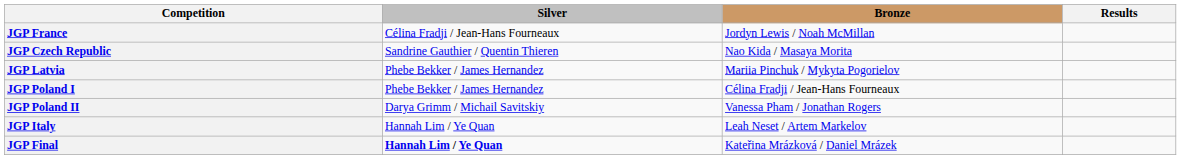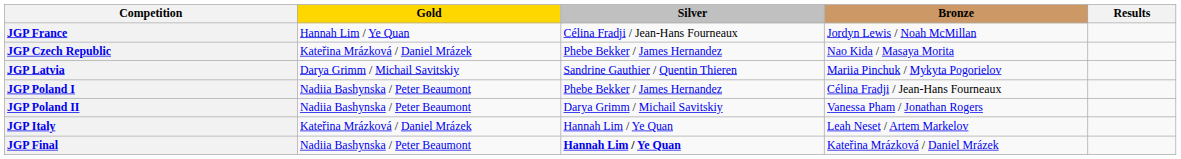 <table class="wikitable unsortable" style="text-align:left; width:100%">
 <tr>
 <th scope="col" style="text-align:center; width:25%;">Competition</th>
+<td scope="col" style="text-align:center; width:22.5%; background:gold"><strong>Gold</strong></td>
 <td scope="col" style="text-align:center; width:22.5%; background:silver"><strong>Silver</strong></td>
 <td scope="col" style="text-align:center; width:22.5%; background:#c96"><strong>Bronze</strong></td>
 <th scope="col" style="text-align:center; width:7.5%;">Results</th>
 </tr>
 <tr>
 <th scope="row" style="text-align:left"> <a href='#'>JGP France</a></th>
+<td> <a href='#'>Hannah Lim</a> / <a href='#'>Ye Quan</a></td>
 <td> <a href='#'>Célina Fradji</a> / Jean-Hans Fourneaux</td>
 <td> <a href='#'>Jordyn Lewis</a> / <a href='#'>Noah McMillan</a></td>
 <td></td>
 </tr>
 <tr>
 <th scope="row" style="text-align:left"> <a href='#'>JGP Czech Republic</a></th>
-<td> <a href='#'>Sandrine Gauthier</a> / <a href='#'>Quentin Thieren</a></td>
+<td> <a href='#'>Kateřina Mrázková</a> / <a href='#'>Daniel Mrázek</a></td>
+<td> <a href='#'>Phebe Bekker</a> / <a href='#'>James Hernandez</a></td>
 <td> <a href='#'>Nao Kida</a> / <a href='#'>Masaya Morita</a></td>
 <td></td>
 </tr>
 <tr>
 <th scope="row" style="text-align:left"> <a href='#'>JGP Latvia</a></th>
-<td> <a href='#'>Phebe Bekker</a> / <a href='#'>James Hernandez</a></td>
+<td> <a href='#'>Darya Grimm</a> / <a href='#'>Michail Savitskiy</a></td>
+<td> <a href='#'>Sandrine Gauthier</a> / <a href='#'>Quentin Thieren</a></td>
 <td> <a href='#'>Mariia Pinchuk</a> / <a href='#'>Mykyta Pogorielov</a></td>
 <td></td>
 </tr>
 <tr>
 <th scope="row" style="text-align:left"> <a href='#'>JGP Poland I</a></th>
+<td> <a href='#'>Nadiia Bashynska</a> / <a href='#'>Peter Beaumont</a></td>
 <td> <a href='#'>Phebe Bekker</a> / <a href='#'>James Hernandez</a></td>
 <td> <a href='#'>Célina Fradji</a> / Jean-Hans Fourneaux</td>
 <td></td>
 </tr>
 <tr>
 <th scope="row" style="text-align:left"> <a href='#'>JGP Poland II</a></th>
+<td> <a href='#'>Nadiia Bashynska</a> / <a href='#'>Peter Beaumont</a></td>
 <td> <a href='#'>Darya Grimm</a> / <a href='#'>Michail Savitskiy</a></td>
 <td> <a href='#'>Vanessa Pham</a> / <a href='#'>Jonathan Rogers</a></td>
 <td></td>
 </tr>
 <tr>
 <th scope="row" style="text-align:left"> <a href='#'>JGP Italy</a></th>
+<td> <a href='#'>Kateřina Mrázková</a> / <a href='#'>Daniel Mrázek</a></td>
 <td> <a href='#'>Hannah Lim</a> / <a href='#'>Ye Quan</a></td>
 <td> <a href='#'>Leah Neset</a> / <a href='#'>Artem Markelov</a></td>
 <td></td>
 </tr>
 <tr>
 <th scope="row" style="text-align:left"> <a href='#'>JGP Final</a></th>
+<td> <a href='#'>Nadiia Bashynska</a> / <a href='#'>Peter Beaumont</a></td>
 <td><strong> <a href='#'>Hannah Lim</a> / <a href='#'>Ye Quan</a></strong></td>
 <td> <a href='#'>Kateřina Mrázková</a> / <a href='#'>Daniel Mrázek</a></td>
 <td></td>
 </tr>
 </table>
